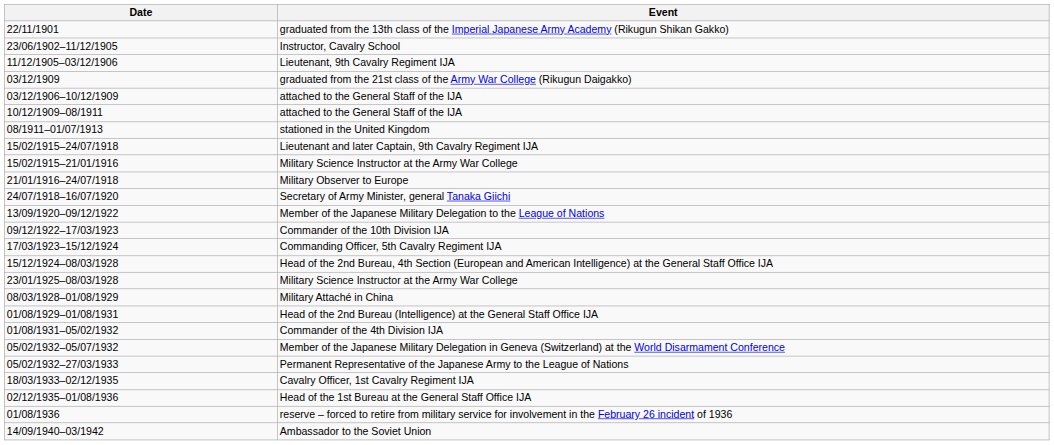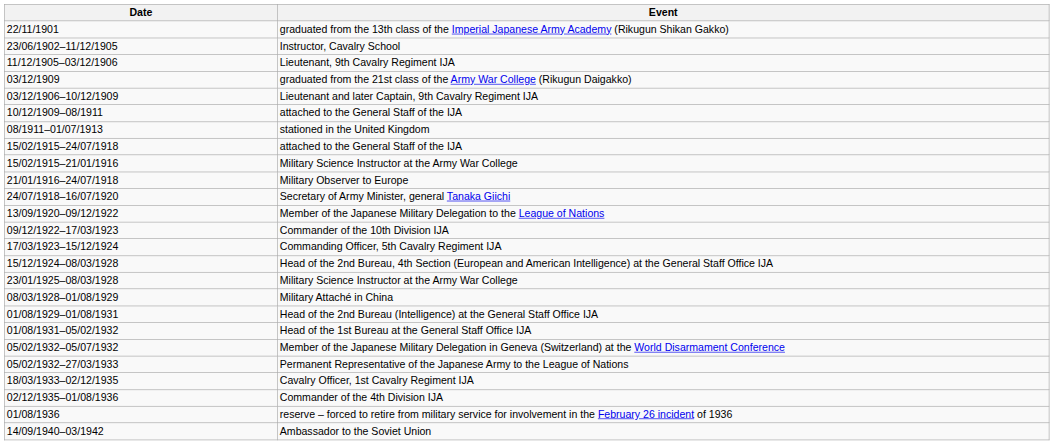 <table class="wikitable" width="100%">
 <tr>
 <th width="60">Date</th>
 <th width="265">Event</th>
 </tr>
 <tr>
 <td>22/11/1901</td>
 <td>graduated from the 13th class of the <a href='#'>Imperial Japanese Army Academy</a> (Rikugun Shikan Gakko)</td>
 </tr>
 <tr>
 <td>23/06/1902–11/12/1905</td>
 <td>Instructor, Cavalry School</td>
 </tr>
 <tr>
 <td>11/12/1905–03/12/1906</td>
 <td>Lieutenant, 9th Cavalry Regiment IJA</td>
 </tr>
 <tr>
 <td>03/12/1909</td>
 <td>graduated from the 21st class of the <a href='#'>Army War College</a> (Rikugun Daigakko)</td>
 </tr>
 <tr>
 <td>03/12/1906–10/12/1909</td>
-<td>attached to the General Staff of the IJA</td>
+<td>Lieutenant and later Captain, 9th Cavalry Regiment IJA</td>
 </tr>
 <tr>
 <td>10/12/1909–08/1911</td>
 <td>attached to the General Staff of the IJA</td>
 </tr>
 <tr>
 <td>08/1911–01/07/1913</td>
 <td>stationed in the United Kingdom</td>
 </tr>
 <tr>
 <td>15/02/1915–24/07/1918</td>
-<td>Lieutenant and later Captain, 9th Cavalry Regiment IJA</td>
+<td>attached to the General Staff of the IJA</td>
 </tr>
 <tr>
 <td>15/02/1915–21/01/1916</td>
 <td>Military Science Instructor at the Army War College</td>
 </tr>
 <tr>
 <td>21/01/1916–24/07/1918</td>
 <td>Military Observer to Europe</td>
 </tr>
 <tr>
 <td>24/07/1918–16/07/1920</td>
 <td>Secretary of Army Minister, general <a href='#'>Tanaka Giichi</a></td>
 </tr>
 <tr>
 <td>13/09/1920–09/12/1922</td>
 <td>Member of the Japanese Military Delegation to the <a href='#'>League of Nations</a></td>
 </tr>
 <tr>
 <td>09/12/1922–17/03/1923</td>
 <td>Commander of the 10th Division IJA</td>
 </tr>
 <tr>
 <td>17/03/1923–15/12/1924</td>
 <td>Commanding Officer, 5th Cavalry Regiment IJA</td>
 </tr>
 <tr>
 <td>15/12/1924–08/03/1928</td>
 <td>Head of the 2nd Bureau, 4th Section (European and American Intelligence) at the General Staff Office IJA</td>
 </tr>
 <tr>
 <td>23/01/1925–08/03/1928</td>
 <td>Military Science Instructor at the Army War College</td>
 </tr>
 <tr>
 <td>08/03/1928–01/08/1929</td>
 <td>Military Attaché in China</td>
 </tr>
 <tr>
 <td>01/08/1929–01/08/1931</td>
 <td>Head of the 2nd Bureau (Intelligence) at the General Staff Office IJA</td>
 </tr>
 <tr>
 <td>01/08/1931–05/02/1932</td>
-<td>Commander of the 4th Division IJA</td>
+<td>Head of the 1st Bureau at the General Staff Office IJA</td>
 </tr>
 <tr>
 <td>05/02/1932–05/07/1932</td>
 <td>Member of the Japanese Military Delegation in Geneva (Switzerland) at the <a href='#'>World Disarmament Conference</a></td>
 </tr>
 <tr>
 <td>05/02/1932–27/03/1933</td>
 <td>Permanent Representative of the Japanese Army to the League of Nations</td>
 </tr>
 <tr>
 <td>18/03/1933–02/12/1935</td>
 <td>Cavalry Officer, 1st Cavalry Regiment IJA</td>
 </tr>
 <tr>
 <td>02/12/1935–01/08/1936</td>
-<td>Head of the 1st Bureau at the General Staff Office IJA</td>
+<td>Commander of the 4th Division IJA</td>
 </tr>
 <tr>
 <td>01/08/1936</td>
 <td>reserve – forced to retire from military service for involvement in the <a href='#'>February 26 incident</a> of 1936</td>
 </tr>
 <tr>
 <td>14/09/1940–03/1942</td>
 <td>Ambassador to the Soviet Union</td>
 </tr>
 </table>
